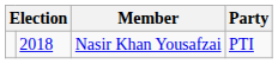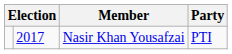 <table class="wikitable">
 <tr>
 <th colspan="2">Election</th>
 <th>Member</th>
 <th>Party</th>
 </tr>
 <tr>
 <td style="background-color: "></td>
-<td><a href='#'>2018</a></td>
+<td><a href='#'>2017</a></td>
 <td><a href='#'>Nasir Khan Yousafzai</a></td>
 <td><a href='#'>PTI</a></td>
 </tr>
 </table>
